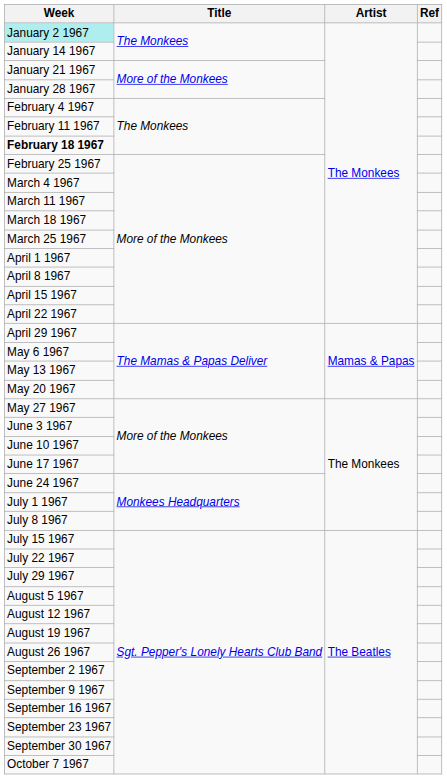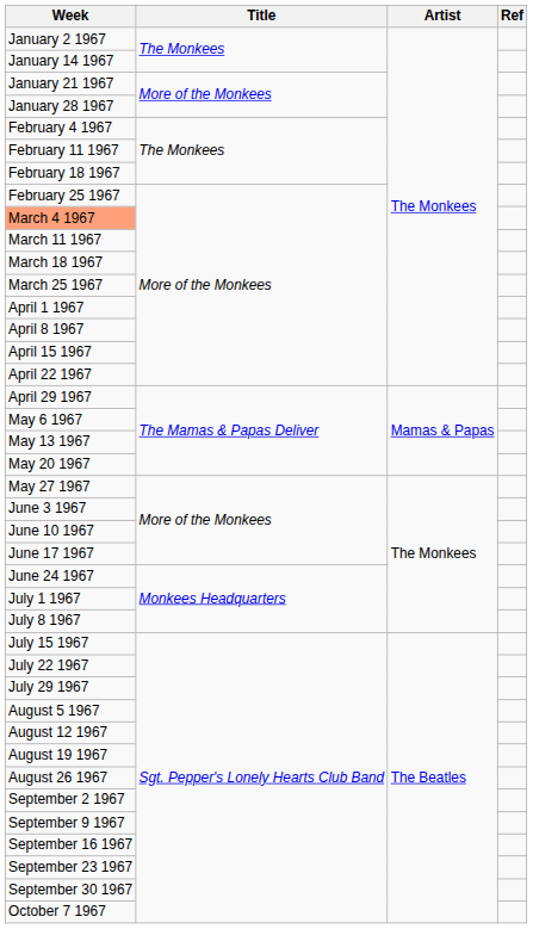 <table class="wikitable sortable">
 <tr>
 <th>Week</th>
 <th>Title</th>
 <th>Artist</th>
 <th>Ref</th>
 </tr>
 <tr>
-<td style="background: paleturquoise;">January 2 1967</td>
+<td>January 2 1967</td>
 <td rowspan="2"><em><a href='#'>The Monkees</a></em></td>
 <td rowspan="16"><a href='#'>The Monkees</a></td>
 <td></td>
 </tr>
 <tr>
 <td>January 14 1967</td>
 <td></td>
 </tr>
 <tr>
 <td>January 21 1967</td>
 <td rowspan="2"><em><a href='#'>More of the Monkees</a></em></td>
 <td></td>
 </tr>
 <tr>
 <td>January 28 1967</td>
 <td></td>
 </tr>
 <tr>
 <td>February 4 1967</td>
 <td rowspan="3"><em>The Monkees</em></td>
 <td></td>
 </tr>
 <tr>
 <td>February 11 1967</td>
 <td></td>
 </tr>
 <tr>
-<td><strong>February 18 1967</strong></td>
+<td>February 18 1967</td>
 <td></td>
 </tr>
 <tr>
 <td>February 25 1967</td>
 <td rowspan="9"><em>More of the Monkees</em></td>
 <td></td>
 </tr>
 <tr>
-<td>March 4 1967</td>
+<td style="background: lightsalmon;">March 4 1967</td>
 <td></td>
 </tr>
 <tr>
 <td>March 11 1967</td>
 <td></td>
 </tr>
 <tr>
 <td>March 18 1967</td>
 <td></td>
 </tr>
 <tr>
 <td>March 25 1967</td>
 <td></td>
 </tr>
 <tr>
 <td>April 1 1967</td>
 <td></td>
 </tr>
 <tr>
 <td>April 8 1967</td>
 <td></td>
 </tr>
 <tr>
 <td>April 15 1967</td>
 <td></td>
 </tr>
 <tr>
 <td>April 22 1967</td>
 <td></td>
 </tr>
 <tr>
 <td>April 29 1967</td>
 <td rowspan="4"><em><a href='#'>The Mamas & Papas Deliver</a></em></td>
 <td rowspan="4"><a href='#'>Mamas & Papas</a></td>
 <td></td>
 </tr>
 <tr>
 <td>May 6 1967</td>
 <td></td>
 </tr>
 <tr>
 <td>May 13 1967</td>
 <td></td>
 </tr>
 <tr>
 <td>May 20 1967</td>
 <td></td>
 </tr>
 <tr>
 <td>May 27 1967</td>
 <td rowspan="4"><em>More of the Monkees</em></td>
 <td rowspan="7">The Monkees</td>
 <td></td>
 </tr>
 <tr>
 <td>June 3 1967</td>
 <td></td>
 </tr>
 <tr>
 <td>June 10 1967</td>
 <td></td>
 </tr>
 <tr>
 <td>June 17 1967</td>
 <td></td>
 </tr>
 <tr>
 <td>June 24 1967</td>
 <td rowspan="3"><em><a href='#'>Monkees Headquarters</a></em></td>
 <td></td>
 </tr>
 <tr>
 <td>July 1 1967</td>
 <td></td>
 </tr>
 <tr>
 <td>July 8 1967</td>
 <td></td>
 </tr>
 <tr>
 <td>July 15 1967</td>
 <td rowspan="13"><em><a href='#'>Sgt. Pepper's Lonely Hearts Club Band</a></em></td>
 <td rowspan="13"><a href='#'>The Beatles</a></td>
 <td></td>
 </tr>
 <tr>
 <td>July 22 1967</td>
 <td></td>
 </tr>
 <tr>
 <td>July 29 1967</td>
 <td></td>
 </tr>
 <tr>
 <td>August 5 1967</td>
 <td></td>
 </tr>
 <tr>
 <td>August 12 1967</td>
 <td></td>
 </tr>
 <tr>
 <td>August 19 1967</td>
 <td></td>
 </tr>
 <tr>
 <td>August 26 1967</td>
 <td></td>
 </tr>
 <tr>
 <td>September 2 1967</td>
 <td></td>
 </tr>
 <tr>
 <td>September 9 1967</td>
 <td></td>
 </tr>
 <tr>
 <td>September 16 1967</td>
 <td></td>
 </tr>
 <tr>
 <td>September 23 1967</td>
 <td></td>
 </tr>
 <tr>
 <td>September 30 1967</td>
 <td></td>
 </tr>
 <tr>
 <td>October 7 1967</td>
 <td></td>
 </tr>
 </table>
